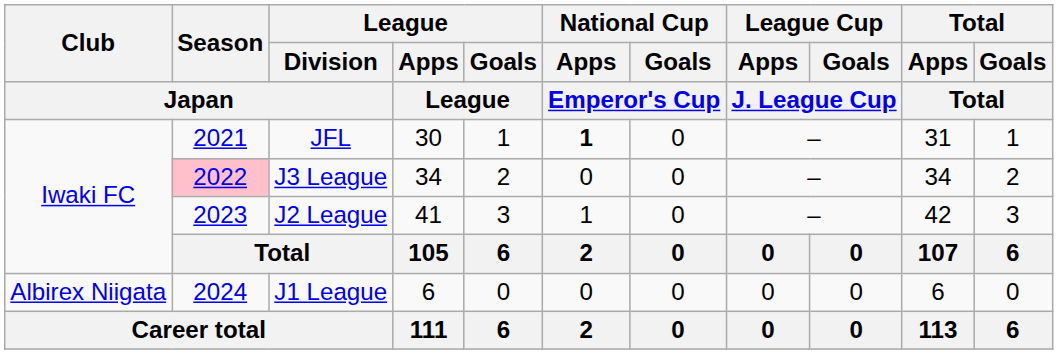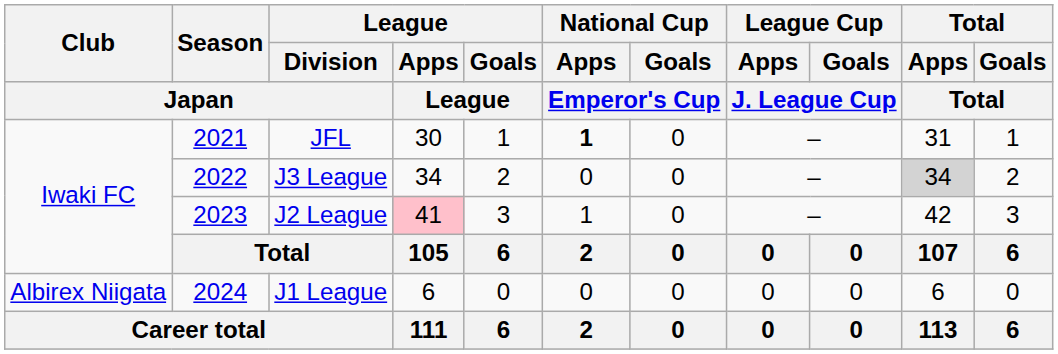 <table class="wikitable" style="text-align:center">
 <tr>
 <th rowspan=2>Club</th>
 <th rowspan=2>Season</th>
 <th colspan=3>League</th>
 <th colspan=2>National Cup</th>
 <th colspan=2>League Cup</th>
 <th colspan=2>Total</th>
 </tr>
 <tr>
 <th>Division</th>
 <th>Apps</th>
 <th>Goals</th>
 <th>Apps</th>
 <th>Goals</th>
 <th>Apps</th>
 <th>Goals</th>
 <th>Apps</th>
 <th>Goals</th>
 </tr>
 <tr>
 <th colspan=3>Japan</th>
 <th colspan=2>League</th>
 <th colspan=2><a href='#'>Emperor's Cup</a></th>
 <th colspan=2><a href='#'>J. League Cup</a></th>
 <th colspan=2>Total</th>
 </tr>
 <tr>
 <td rowspan="4"><a href='#'>Iwaki FC</a></td>
 <td><a href='#'>2021</a></td>
 <td><a href='#'>JFL</a></td>
 <td>30</td>
 <td>1</td>
 <td><strong>1</strong></td>
 <td>0</td>
 <td colspan="2">–</td>
 <td>31</td>
 <td>1</td>
 </tr>
 <tr>
-<td style="background: pink;"><a href='#'>2022</a></td>
+<td><a href='#'>2022</a></td>
 <td><a href='#'>J3 League</a></td>
 <td>34</td>
 <td>2</td>
 <td>0</td>
 <td>0</td>
 <td colspan="2">–</td>
-<td>34</td>
+<td style="background: lightgrey;">34</td>
 <td>2</td>
 </tr>
 <tr>
 <td><a href='#'>2023</a></td>
 <td><a href='#'>J2 League</a></td>
-<td>41</td>
+<td style="background: pink;">41</td>
 <td>3</td>
 <td>1</td>
 <td>0</td>
 <td colspan="2">–</td>
 <td>42</td>
 <td>3</td>
 </tr>
 <tr>
 <th colspan="2">Total</th>
 <th>105</th>
 <th>6</th>
 <th>2</th>
 <th>0</th>
 <th>0</th>
 <th>0</th>
 <th>107</th>
 <th>6</th>
 </tr>
 <tr>
 <td rowspan="1"><a href='#'>Albirex Niigata</a></td>
 <td><a href='#'>2024</a></td>
 <td><a href='#'>J1 League</a></td>
 <td>6</td>
 <td>0</td>
 <td>0</td>
 <td>0</td>
 <td>0</td>
 <td>0</td>
 <td>6</td>
 <td>0</td>
 </tr>
 <tr>
 <th colspan=3>Career total</th>
 <th>111</th>
 <th>6</th>
 <th>2</th>
 <th>0</th>
 <th>0</th>
 <th>0</th>
 <th>113</th>
 <th>6</th>
 </tr>
 </table>
